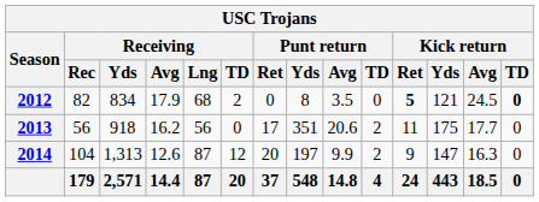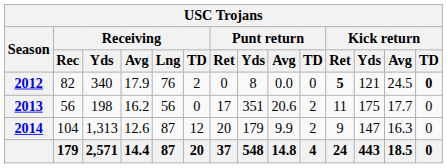 <table class="wikitable" style="text-align:center;">
 <tr>
 <th colspan="15">USC Trojans</th>
 </tr>
 <tr>
 <th rowspan="2">Season</th>
 <th colspan="5">Receiving</th>
 <th colspan="4">Punt return</th>
 <th colspan="4">Kick return</th>
 </tr>
 <tr>
 <th>Rec</th>
 <th>Yds</th>
 <th>Avg</th>
 <th>Lng</th>
 <th>TD</th>
 <th>Ret</th>
 <th>Yds</th>
 <th>Avg</th>
 <th>TD</th>
 <th>Ret</th>
 <th>Yds</th>
 <th>Avg</th>
 <th>TD</th>
 </tr>
 <tr>
 <th><a href='#'>2012</a></th>
 <td>82</td>
-<td>834</td>
+<td>340</td>
 <td>17.9</td>
-<td>68</td>
+<td>76</td>
 <td>2</td>
 <td>0</td>
 <td>8</td>
-<td>3.5</td>
+<td>0.0</td>
 <td>0</td>
 <td><strong>5</strong></td>
 <td>121</td>
 <td>24.5</td>
 <td><strong>0</strong></td>
 </tr>
 <tr>
 <th><a href='#'>2013</a></th>
 <td>56</td>
-<td>918</td>
+<td>198</td>
 <td>16.2</td>
 <td>56</td>
 <td>0</td>
 <td>17</td>
 <td>351</td>
 <td>20.6</td>
 <td>2</td>
 <td>11</td>
 <td>175</td>
 <td>17.7</td>
 <td>0</td>
 </tr>
 <tr>
 <th><a href='#'>2014</a></th>
 <td>104</td>
 <td>1,313</td>
 <td>12.6</td>
 <td>87</td>
 <td>12</td>
 <td>20</td>
-<td>197</td>
+<td>179</td>
 <td>9.9</td>
 <td>2</td>
 <td>9</td>
 <td>147</td>
 <td>16.3</td>
 <td>0</td>
 </tr>
 <tr>
 <th></th>
 <th>179</th>
 <th>2,571</th>
 <th>14.4</th>
 <th>87</th>
 <th>20</th>
 <th>37</th>
 <th>548</th>
 <th>14.8</th>
 <th>4</th>
 <th>24</th>
 <th>443</th>
 <th>18.5</th>
 <th>0</th>
 </tr>
 </table>
